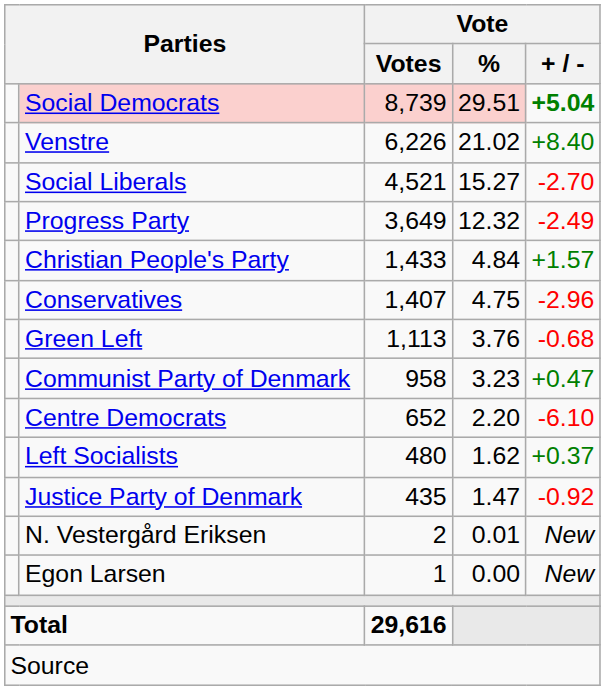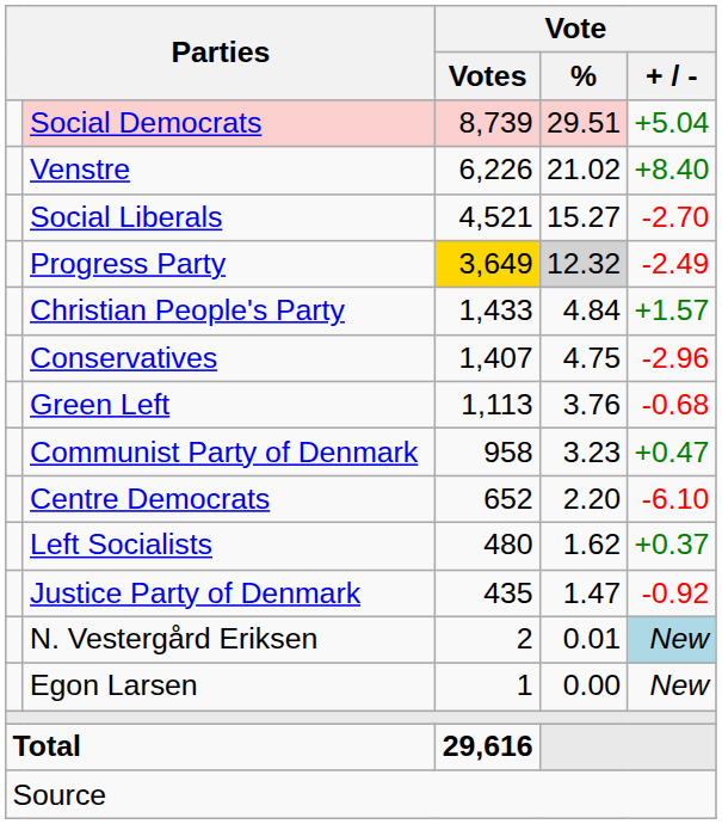 <table class="wikitable" style="text-align:right;">
 <tr>
 <th style="text-align:centre;" rowspan="2" colspan="2" width="225">Parties</th>
 <th colspan="3">Vote</th>
 </tr>
 <tr>
 <th width="15">Votes</th>
 <th width="15">%</th>
 <th width="15">+ / -</th>
 </tr>
 <tr>
 <td width="2" style="color:inherit;background:"></td>
 <td bgcolor=#fbd0ce  align="left"><a href='#'>Social Democrats</a></td>
 <td bgcolor=#fbd0ce>8,739</td>
 <td bgcolor=#fbd0ce>29.51</td>
-<td style=color:green;><strong>+5.04</strong></td>
+<td style=color:green;>+5.04</td>
 </tr>
 <tr>
 <td width="2" style="color:inherit;background:"></td>
 <td align="left"><a href='#'>Venstre</a></td>
 <td>6,226</td>
 <td>21.02</td>
 <td style=color:green;>+8.40</td>
 </tr>
 <tr>
 <td width="2" style="color:inherit;background:"></td>
 <td align="left"><a href='#'>Social Liberals</a></td>
 <td>4,521</td>
 <td>15.27</td>
 <td style=color:red;>-2.70</td>
 </tr>
 <tr>
 <td width="2" style="color:inherit;background:"></td>
 <td align="left"><a href='#'>Progress Party</a></td>
-<td>3,649</td>
-<td>12.32</td>
+<td style="background: gold;">3,649</td>
+<td style="background: lightgrey;">12.32</td>
 <td style=color:red;>-2.49</td>
 </tr>
 <tr>
 <td width="2" style="color:inherit;background:"></td>
 <td align="left"><a href='#'>Christian People's Party</a></td>
 <td>1,433</td>
 <td>4.84</td>
 <td style=color:green;>+1.57</td>
 </tr>
 <tr>
 <td width="2" style="color:inherit;background:"></td>
 <td align="left"><a href='#'>Conservatives</a></td>
 <td>1,407</td>
 <td>4.75</td>
 <td style=color:red;>-2.96</td>
 </tr>
 <tr>
 <td width="2" style="color:inherit;background:"></td>
 <td align="left"><a href='#'>Green Left</a></td>
 <td>1,113</td>
 <td>3.76</td>
 <td style=color:red;>-0.68</td>
 </tr>
 <tr>
 <td width="2" style="color:inherit;background:"></td>
 <td align="left"><a href='#'>Communist Party of Denmark</a></td>
 <td>958</td>
 <td>3.23</td>
 <td style=color:green;>+0.47</td>
 </tr>
 <tr>
 <td width="2" style="color:inherit;background:"></td>
 <td align="left"><a href='#'>Centre Democrats</a></td>
 <td>652</td>
 <td>2.20</td>
 <td style=color:red;>-6.10</td>
 </tr>
 <tr>
 <td width="2" style="color:inherit;background:"></td>
 <td align="left"><a href='#'>Left Socialists</a></td>
 <td>480</td>
 <td>1.62</td>
 <td style=color:green;>+0.37</td>
 </tr>
 <tr>
 <td width="2" style="color:inherit;background:"></td>
 <td align="left"><a href='#'>Justice Party of Denmark</a></td>
 <td>435</td>
 <td>1.47</td>
 <td style=color:red;>-0.92</td>
 </tr>
 <tr>
 <td width="2" style="color:inherit;background:"></td>
 <td align="left">N. Vestergård Eriksen</td>
 <td>2</td>
 <td>0.01</td>
-<td><em>New</em></td>
+<td style="background: lightblue;"><em>New</em></td>
 </tr>
 <tr>
 <td width="2" style="color:inherit;background:"></td>
 <td align="left">Egon Larsen</td>
 <td>1</td>
 <td>0.00</td>
 <td><em>New</em></td>
 </tr>
 <tr>
 <td colspan="7" bgcolor="#E9E9E9"></td>
 </tr>
 <tr>
 <td align="left" colspan="2"><strong>Total</strong></td>
 <td><strong>29,616</strong></td>
 <td bgcolor="#E9E9E9" colspan="2"></td>
 </tr>
 <tr>
 <td align="left" colspan="6">Source</td>
 </tr>
 </table>
